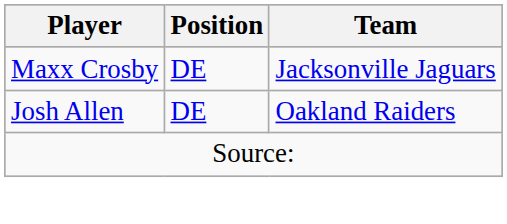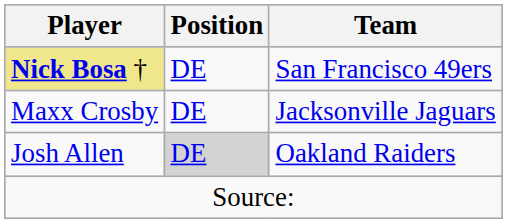 <table class="wikitable sortable">
 <tr>
 <th>Player</th>
 <th>Position</th>
 <th>Team</th>
+</tr>
+<tr>
+<td style="background-color:Khaki; border:1px solid #aaaaaa"><strong><a href='#'>Nick Bosa</a></strong> †</td>
+<td><a href='#'>DE</a></td>
+<td><a href='#'>San Francisco 49ers</a></td>
 </tr>
 <tr>
 <td><a href='#'>Maxx Crosby</a></td>
 <td><a href='#'>DE</a></td>
 <td><a href='#'>Jacksonville Jaguars</a></td>
 </tr>
 <tr>
 <td><a href='#'>Josh Allen</a></td>
-<td><a href='#'>DE</a></td>
+<td style="background: lightgrey;"><a href='#'>DE</a></td>
 <td><a href='#'>Oakland Raiders</a></td>
 </tr>
 <tr>
 <td colspan="3" style="text-align:center;">Source:</td>
 </tr>
 </table>
